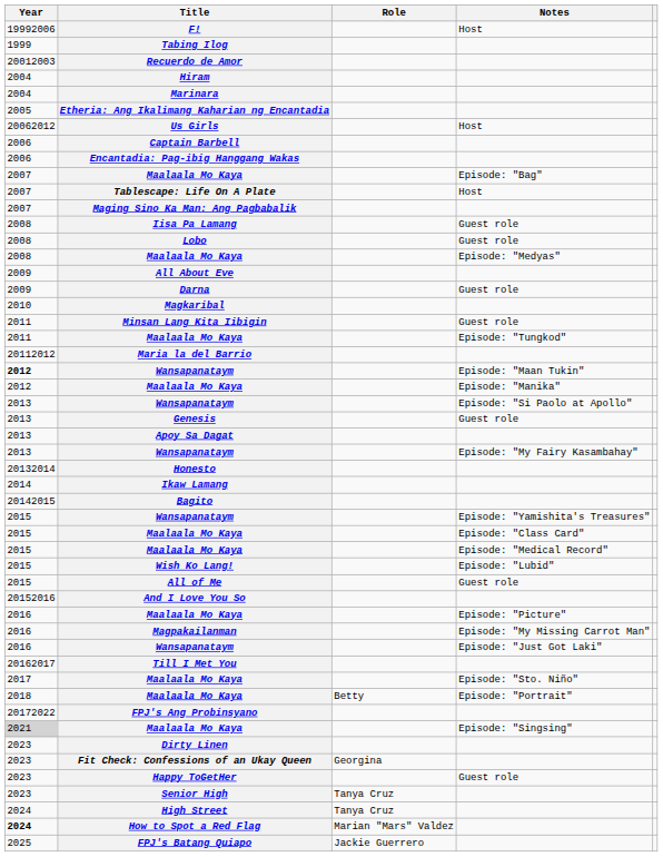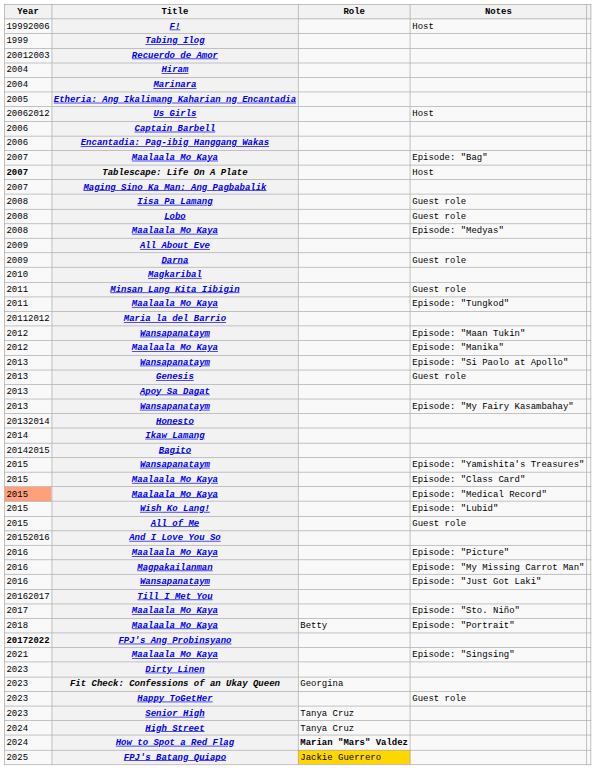 <table class="wikitable sortable plainrowheaders">
 <tr style="background:#ccc; text-align:center;">
 <th scope="col">Year</th>
 <th scope="col">Title</th>
 <th scope="col">Role</th>
 <th scope="col" class="unsortable">Notes</th>
 <th scope="col" class="unsortable"></th>
 </tr>
 <tr>
 <td>19992006</td>
 <th scope=row><em><a href='#'>F!</a></em></th>
 <td></td>
 <td>Host</td>
 <td style="text-align:center;"></td>
 </tr>
 <tr>
 <td>1999</td>
 <th scope=row><em><a href='#'>Tabing Ilog</a></em></th>
 <td></td>
 <td></td>
 <td style="text-align:center;"></td>
 </tr>
 <tr>
 <td>20012003</td>
 <th scope=row><em><a href='#'>Recuerdo de Amor</a></em></th>
 <td></td>
 <td></td>
 <td style="text-align:center;"></td>
 </tr>
 <tr>
 <td>2004</td>
 <th scope=row><em><a href='#'>Hiram</a></em></th>
 <td></td>
 <td></td>
 <td style="text-align:center;"></td>
 </tr>
 <tr>
 <td>2004</td>
 <th scope=row><em><a href='#'>Marinara</a></em></th>
 <td></td>
 <td></td>
 <td style="text-align:center;"></td>
 </tr>
 <tr>
 <td>2005</td>
 <th scope=row><em><a href='#'>Etheria: Ang Ikalimang Kaharian ng Encantadia</a></em></th>
 <td></td>
 <td></td>
 <td style="text-align:center;"></td>
 </tr>
 <tr>
 <td>20062012</td>
 <th scope=row><em><a href='#'>Us Girls</a></em></th>
 <td></td>
 <td>Host</td>
 <td style="text-align:center;"></td>
 </tr>
 <tr>
 <td>2006</td>
 <th scope=row><em><a href='#'>Captain Barbell</a></em></th>
 <td></td>
 <td></td>
 <td style="text-align:center;"></td>
 </tr>
 <tr>
 <td>2006</td>
 <th scope=row><em><a href='#'>Encantadia: Pag-ibig Hanggang Wakas</a></em></th>
 <td></td>
 <td></td>
 <td style="text-align:center;"></td>
 </tr>
 <tr>
 <td>2007</td>
 <th scope=row><em><a href='#'>Maalaala Mo Kaya</a></em></th>
 <td></td>
 <td>Episode: "Bag"</td>
 <td style="text-align:center;"></td>
 </tr>
 <tr>
-<td>2007</td>
+<td><strong>2007</strong></td>
 <th scope=row><em>Tablescape: Life On A Plate</em></th>
 <td></td>
 <td>Host</td>
 <td style="text-align:center;"></td>
 </tr>
 <tr>
 <td>2007</td>
 <th scope=row><em><a href='#'>Maging Sino Ka Man: Ang Pagbabalik</a></em></th>
 <td></td>
 <td></td>
 <td style="text-align:center;"></td>
 </tr>
 <tr>
 <td>2008</td>
 <th scope=row><em><a href='#'>Iisa Pa Lamang</a></em></th>
 <td></td>
 <td>Guest role</td>
 <td style="text-align:center;"></td>
 </tr>
 <tr>
 <td>2008</td>
 <th scope=row><em><a href='#'>Lobo</a></em></th>
 <td></td>
 <td>Guest role</td>
 <td style="text-align:center;"></td>
 </tr>
 <tr>
 <td>2008</td>
 <th scope=row><em><a href='#'>Maalaala Mo Kaya</a></em></th>
 <td></td>
 <td>Episode: "Medyas"</td>
 <td style="text-align:center;"></td>
 </tr>
 <tr>
 <td>2009</td>
 <th scope=row><em><a href='#'>All About Eve</a></em></th>
 <td></td>
 <td></td>
 <td style="text-align:center;"></td>
 </tr>
 <tr>
 <td>2009</td>
 <th scope=row><em><a href='#'>Darna</a></em></th>
 <td></td>
 <td>Guest role</td>
 <td style="text-align:center;"></td>
 </tr>
 <tr>
 <td>2010</td>
 <th scope=row><em><a href='#'>Magkaribal</a></em></th>
 <td></td>
 <td></td>
 <td style="text-align:center;"></td>
 </tr>
 <tr>
 <td>2011</td>
 <th scope=row><em><a href='#'>Minsan Lang Kita Iibigin</a></em></th>
 <td></td>
 <td>Guest role</td>
 <td style="text-align:center;"></td>
 </tr>
 <tr>
 <td>2011</td>
 <th scope=row><em><a href='#'>Maalaala Mo Kaya</a></em></th>
 <td></td>
 <td>Episode: "Tungkod"</td>
 <td style="text-align:center;"></td>
 </tr>
 <tr>
 <td>20112012</td>
 <th scope=row><em><a href='#'>Maria la del Barrio</a></em></th>
 <td></td>
 <td></td>
 <td style="text-align:center;"></td>
 </tr>
 <tr>
-<td><strong>2012</strong></td>
+<td>2012</td>
 <th scope=row><em><a href='#'>Wansapanataym</a></em></th>
 <td></td>
 <td>Episode: "Maan Tukin"</td>
 <td style="text-align:center;"></td>
 </tr>
 <tr>
 <td>2012</td>
 <th scope=row><em><a href='#'>Maalaala Mo Kaya</a></em></th>
 <td></td>
 <td>Episode: "Manika"</td>
 <td style="text-align:center;"></td>
 </tr>
 <tr>
 <td>2013</td>
 <th scope=row><em><a href='#'>Wansapanataym</a></em></th>
 <td></td>
 <td>Episode: "Si Paolo at Apollo"</td>
 <td style="text-align:center;"></td>
 </tr>
 <tr>
 <td>2013</td>
 <th scope=row><em><a href='#'>Genesis</a></em></th>
 <td></td>
 <td>Guest role</td>
 <td style="text-align:center;"></td>
 </tr>
 <tr>
 <td>2013</td>
 <th scope=row><em><a href='#'>Apoy Sa Dagat</a></em></th>
 <td></td>
 <td></td>
 <td style="text-align:center;"></td>
 </tr>
 <tr>
 <td>2013</td>
 <th scope=row><em><a href='#'>Wansapanataym</a></em></th>
 <td></td>
 <td>Episode: "My Fairy Kasambahay"</td>
 <td style="text-align:center;"></td>
 </tr>
 <tr>
 <td>20132014</td>
 <th scope=row><em><a href='#'>Honesto</a></em></th>
 <td></td>
 <td></td>
 <td style="text-align:center;"></td>
 </tr>
 <tr>
 <td>2014</td>
 <th scope=row><em><a href='#'>Ikaw Lamang</a></em></th>
 <td></td>
 <td></td>
 <td style="text-align:center;"></td>
 </tr>
 <tr>
 <td>20142015</td>
 <th scope=row><em><a href='#'>Bagito</a></em></th>
 <td></td>
 <td></td>
 <td style="text-align:center;"></td>
 </tr>
 <tr>
 <td>2015</td>
 <th scope=row><em><a href='#'>Wansapanataym</a></em></th>
 <td></td>
 <td>Episode: "Yamishita's Treasures"</td>
 <td style="text-align:center;"></td>
 </tr>
 <tr>
 <td>2015</td>
 <th scope=row><em><a href='#'>Maalaala Mo Kaya</a></em></th>
 <td></td>
 <td>Episode: "Class Card"</td>
 <td style="text-align:center;"></td>
 </tr>
 <tr>
-<td>2015</td>
+<td style="background: lightsalmon;">2015</td>
 <th scope=row><em><a href='#'>Maalaala Mo Kaya</a></em></th>
 <td></td>
 <td>Episode: "Medical Record"</td>
 <td style="text-align:center;"></td>
 </tr>
 <tr>
 <td>2015</td>
 <th scope=row><em><a href='#'>Wish Ko Lang!</a></em></th>
 <td></td>
 <td>Episode: "Lubid"</td>
 <td style="text-align:center;"></td>
 </tr>
 <tr>
 <td>2015</td>
 <th scope=row><em><a href='#'>All of Me</a></em></th>
 <td></td>
 <td>Guest role</td>
 <td style="text-align:center;"></td>
 </tr>
 <tr>
 <td>20152016</td>
 <th scope=row><em><a href='#'>And I Love You So</a></em></th>
 <td></td>
 <td></td>
 <td style="text-align:center;"></td>
 </tr>
 <tr>
 <td>2016</td>
 <th scope=row><em><a href='#'>Maalaala Mo Kaya</a></em></th>
 <td></td>
 <td>Episode: "Picture"</td>
 <td style="text-align:center;"></td>
 </tr>
 <tr>
 <td>2016</td>
 <th scope=row><em><a href='#'>Magpakailanman</a></em></th>
 <td></td>
 <td>Episode: "My Missing Carrot Man"</td>
 <td style="text-align:center;"></td>
 </tr>
 <tr>
 <td>2016</td>
 <th scope=row><em><a href='#'>Wansapanataym</a></em></th>
 <td></td>
 <td>Episode: "Just Got Laki"</td>
 <td style="text-align:center;"></td>
 </tr>
 <tr>
 <td>20162017</td>
 <th scope=row><em><a href='#'>Till I Met You</a></em></th>
 <td></td>
 <td></td>
 <td style="text-align:center;"></td>
 </tr>
 <tr>
 <td>2017</td>
 <th scope=row><em><a href='#'>Maalaala Mo Kaya</a></em></th>
 <td></td>
 <td>Episode: "Sto. Niño"</td>
 <td style="text-align:center;"></td>
 </tr>
 <tr>
 <td>2018</td>
 <th scope=row><em><a href='#'>Maalaala Mo Kaya</a></em></th>
 <td>Betty</td>
 <td>Episode: "Portrait"</td>
 <td></td>
 </tr>
 <tr>
-<td>20172022</td>
+<td><strong>20172022</strong></td>
 <th scope=row><em><a href='#'>FPJ's Ang Probinsyano</a></em></th>
 <td></td>
 <td></td>
 <td style="text-align:center;"></td>
 </tr>
 <tr>
-<td style="background: lightgrey;">2021</td>
+<td>2021</td>
 <th scope=row><em><a href='#'>Maalaala Mo Kaya</a></em></th>
 <td></td>
 <td>Episode: "Singsing"</td>
 <td style="text-align:center;"></td>
 </tr>
 <tr>
 <td>2023</td>
 <th scope=row><em><a href='#'>Dirty Linen</a></em></th>
 <td></td>
 <td></td>
 <td style="text-align:center;"></td>
 </tr>
 <tr>
 <td>2023</td>
 <th scope=row><em>Fit Check: Confessions of an Ukay Queen</em></th>
 <td>Georgina</td>
 <td></td>
 <td style="text-align:center;"></td>
 </tr>
 <tr>
 <td>2023</td>
 <th scope=row><em><a href='#'>Happy ToGetHer</a></em></th>
 <td></td>
 <td>Guest role</td>
 <td style="text-align:center;"></td>
 </tr>
 <tr>
 <td>2023</td>
 <th scope=row><em><a href='#'>Senior High</a></em></th>
 <td>Tanya Cruz</td>
 <td></td>
 <td style="text-align:center;"></td>
 </tr>
 <tr>
 <td>2024</td>
 <th scope=row><em><a href='#'>High Street</a></em></th>
 <td>Tanya Cruz</td>
 <td></td>
 <td style="text-align:center;"></td>
 </tr>
 <tr>
-<td><strong>2024</strong></td>
+<td>2024</td>
 <th scope=row><em><a href='#'>How to Spot a Red Flag</a></em></th>
-<td>Marian "Mars" Valdez</td>
+<td><strong>Marian "Mars" Valdez</strong></td>
 <td></td>
 <td style="text-align:center;"></td>
 </tr>
 <tr>
 <td>2025</td>
 <th scope=row><em><a href='#'>FPJ's Batang Quiapo</a></em></th>
-<td>Jackie Guerrero</td>
+<td style="background: gold;">Jackie Guerrero</td>
 <td></td>
 <td style="text-align:center;"></td>
 </tr>
 </table>
